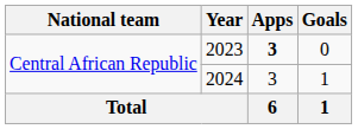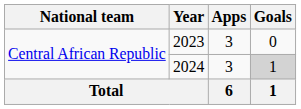 <table class="wikitable" style="text-align:center">
 <tr>
 <th>National team</th>
 <th>Year</th>
 <th>Apps</th>
 <th>Goals</th>
 </tr>
 <tr>
 <td rowspan="2"><a href='#'>Central African Republic</a></td>
 <td>2023</td>
-<td><strong>3</strong></td>
+<td>3</td>
 <td>0</td>
 </tr>
 <tr>
 <td>2024</td>
 <td>3</td>
-<td>1</td>
+<td style="background: lightgrey;">1</td>
 </tr>
 <tr>
 <th colspan="2">Total</th>
 <th>6</th>
 <th>1</th>
 </tr>
 </table>
